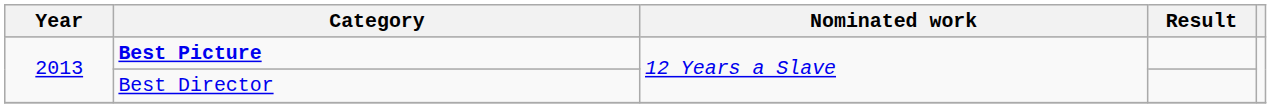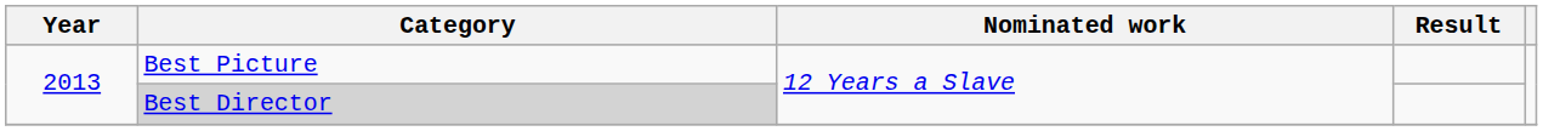 <table class=wikitable>
 <tr>
 <th scope="col" style="width:5em;">Year</th>
 <th scope="col" style="width:26em;">Category</th>
 <th scope="col" style="width:25em;">Nominated work</th>
 <th scope="col" style="width:5em;">Result</th>
 <th></th>
 </tr>
 <tr>
 <td style="text-align:center;", rowspan="2"><a href='#'>2013</a></td>
-<td><strong><a href='#'>Best Picture</a></strong></td>
+<td><a href='#'>Best Picture</a></td>
 <td rowspan="2"><em><a href='#'>12 Years a Slave</a></em></td>
 <td></td>
 <td rowspan=2></td>
 </tr>
 <tr>
-<td><a href='#'>Best Director</a></td>
+<td style="background: lightgrey;"><a href='#'>Best Director</a></td>
 <td></td>
 </tr>
 <tr>
 </tr>
 </table>
